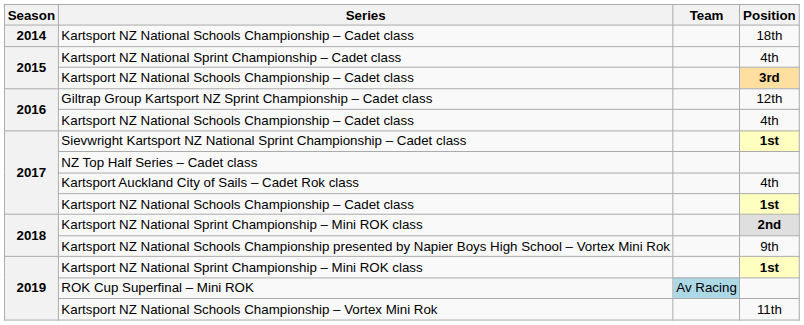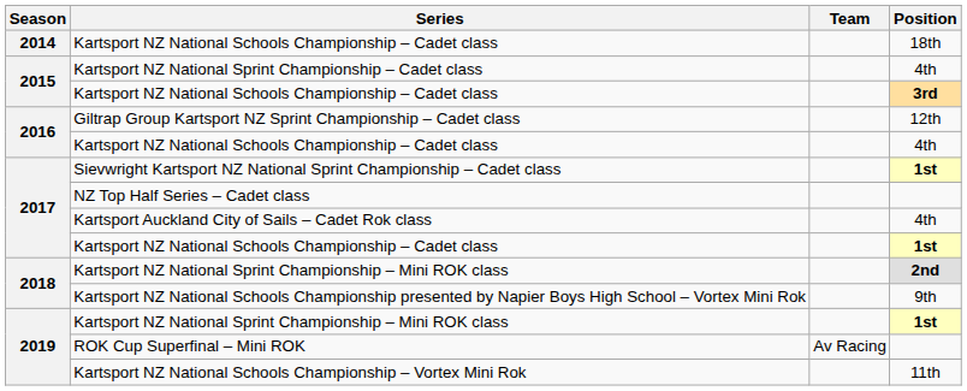 <table class="wikitable" style="font-size: 85%; text-align:center">
 <tr>
 <th>Season</th>
 <th>Series</th>
 <th>Team</th>
 <th>Position</th>
 </tr>
 <tr>
 <th>2014</th>
 <td style="text-align:left">Kartsport NZ National Schools Championship – Cadet class</td>
 <td style="text-align:left"></td>
 <td>18th</td>
 </tr>
 <tr>
 <th rowspan="2">2015</th>
 <td style="text-align:left">Kartsport NZ National Sprint Championship – Cadet class</td>
 <td style="text-align:left"></td>
 <td>4th</td>
 </tr>
 <tr>
 <td style="text-align:left">Kartsport NZ National Schools Championship – Cadet class</td>
 <td style="text-align:left"></td>
 <td style="background:#FFDF9F"><strong>3rd</strong></td>
 </tr>
 <tr>
 <th rowspan="2">2016</th>
 <td style="text-align:left">Giltrap Group Kartsport NZ Sprint Championship – Cadet class</td>
 <td style="text-align:left"></td>
 <td>12th</td>
 </tr>
 <tr>
 <td style="text-align:left">Kartsport NZ National Schools Championship – Cadet class</td>
 <td style="text-align:left"></td>
 <td>4th</td>
 </tr>
 <tr>
 <th rowspan="4">2017</th>
 <td style="text-align:left">Sievwright Kartsport NZ National Sprint Championship – Cadet class</td>
 <td style="text-align:left"></td>
 <td style="background:#FFFFBF"><strong>1st</strong></td>
 </tr>
 <tr>
 <td style="text-align:left">NZ Top Half Series – Cadet class</td>
 <td style="text-align:left"></td>
 <td></td>
 </tr>
 <tr>
 <td style="text-align:left">Kartsport Auckland City of Sails – Cadet Rok class</td>
 <td style="text-align:left"></td>
 <td>4th</td>
 </tr>
 <tr>
 <td style="text-align:left">Kartsport NZ National Schools Championship – Cadet class</td>
 <td style="text-align:left"></td>
 <td style="background:#FFFFBF"><strong>1st</strong></td>
 </tr>
 <tr>
 <th rowspan="2">2018</th>
 <td style="text-align:left">Kartsport NZ National Sprint Championship – Mini ROK class</td>
 <td style="text-align:left"></td>
 <td style="background:#DFDFDF"><strong>2nd</strong></td>
 </tr>
 <tr>
 <td style="text-align:left">Kartsport NZ National Schools Championship presented by Napier Boys High School – Vortex Mini Rok</td>
 <td style="text-align:left"></td>
 <td>9th</td>
 </tr>
 <tr>
 <th rowspan="3">2019</th>
 <td style="text-align:left">Kartsport NZ National Sprint Championship – Mini ROK class</td>
 <td style="text-align:left"></td>
 <td style="background:#FFFFBF"><strong>1st</strong></td>
 </tr>
 <tr>
 <td style="text-align:left">ROK Cup Superfinal – Mini ROK</td>
-<td style="background: lightblue; text-align:left">Av Racing</td>
+<td style="text-align:left">Av Racing</td>
 <td></td>
 </tr>
 <tr>
 <td style="text-align:left">Kartsport NZ National Schools Championship – Vortex Mini Rok</td>
 <td style="text-align:left"></td>
 <td>11th</td>
 </tr>
 </table>
